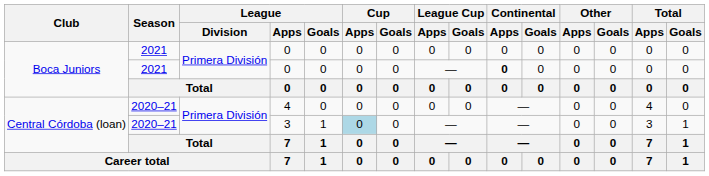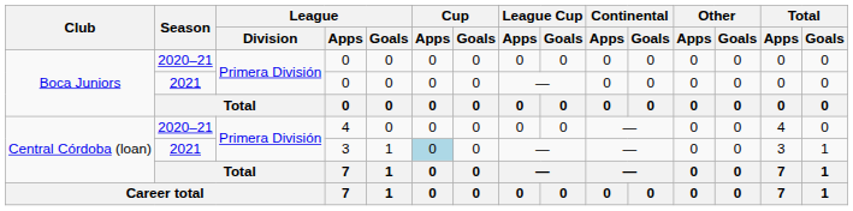 <table class="wikitable" style="text-align:center">
 <tr>
 <th rowspan="2">Club</th>
 <th rowspan="2">Season</th>
 <th colspan="3">League</th>
 <th colspan="2">Cup</th>
 <th colspan="2">League Cup</th>
 <th colspan="2">Continental</th>
 <th colspan="2">Other</th>
 <th colspan="2">Total</th>
 </tr>
 <tr>
 <th>Division</th>
 <th>Apps</th>
 <th>Goals</th>
 <th>Apps</th>
 <th>Goals</th>
 <th>Apps</th>
 <th>Goals</th>
 <th>Apps</th>
 <th>Goals</th>
 <th>Apps</th>
 <th>Goals</th>
 <th>Apps</th>
 <th>Goals</th>
 </tr>
 <tr>
 <td rowspan="3"><a href='#'>Boca Juniors</a></td>
-<td><a href='#'>2021</a></td>
+<td><a href='#'>2020–21</a></td>
 <td rowspan="2"><a href='#'>Primera División</a></td>
 <td>0</td>
 <td>0</td>
 <td>0</td>
 <td>0</td>
 <td>0</td>
 <td>0</td>
 <td>0</td>
 <td>0</td>
 <td>0</td>
 <td>0</td>
 <td>0</td>
 <td>0</td>
 </tr>
 <tr>
 <td><a href='#'>2021</a></td>
 <td>0</td>
 <td>0</td>
 <td>0</td>
 <td>0</td>
 <td colspan="2">—</td>
-<td><strong>0</strong></td>
+<td>0</td>
 <td>0</td>
 <td>0</td>
 <td>0</td>
 <td>0</td>
 <td>0</td>
 </tr>
 <tr>
 <th colspan="2">Total</th>
 <th>0</th>
 <th>0</th>
 <th>0</th>
 <th>0</th>
 <th>0</th>
 <th>0</th>
 <th>0</th>
 <th>0</th>
 <th>0</th>
 <th>0</th>
 <th>0</th>
 <th>0</th>
 </tr>
 <tr>
 <td rowspan="3"><a href='#'>Central Córdoba</a> (loan)</td>
 <td><a href='#'>2020–21</a></td>
 <td rowspan="2"><a href='#'>Primera División</a></td>
 <td>4</td>
 <td>0</td>
 <td>0</td>
 <td>0</td>
 <td>0</td>
 <td>0</td>
 <td colspan="2">—</td>
 <td>0</td>
 <td>0</td>
 <td>4</td>
 <td>0</td>
 </tr>
 <tr>
-<td><a href='#'>2020–21</a></td>
+<td><a href='#'>2021</a></td>
 <td>3</td>
 <td>1</td>
 <td style="background: lightblue;">0</td>
 <td>0</td>
 <td colspan="2">—</td>
 <td colspan="2">—</td>
 <td>0</td>
 <td>0</td>
 <td>3</td>
 <td>1</td>
 </tr>
 <tr>
 <th colspan="2">Total</th>
 <th>7</th>
 <th>1</th>
 <th>0</th>
 <th>0</th>
 <th colspan="2">—</th>
 <th colspan="2">—</th>
 <th>0</th>
 <th>0</th>
 <th>7</th>
 <th>1</th>
 </tr>
 <tr>
 <th colspan="3">Career total</th>
 <th>7</th>
 <th>1</th>
 <th>0</th>
 <th>0</th>
 <th>0</th>
 <th>0</th>
 <th>0</th>
 <th>0</th>
 <th>0</th>
 <th>0</th>
 <th>7</th>
 <th>1</th>
 </tr>
 </table>
